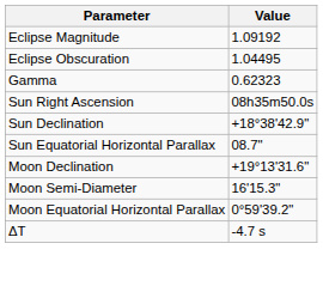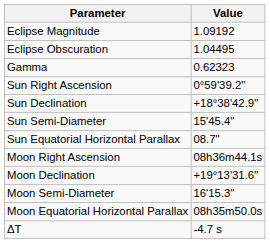 <table class="wikitable">
 <tr>
 <th>Parameter</th>
 <th>Value</th>
 </tr>
 <tr>
 <td>Eclipse Magnitude</td>
 <td>1.09192</td>
 </tr>
 <tr>
 <td>Eclipse Obscuration</td>
 <td>1.04495</td>
 </tr>
 <tr>
 <td>Gamma</td>
 <td>0.62323</td>
 </tr>
 <tr>
 <td>Sun Right Ascension</td>
-<td>08h35m50.0s</td>
+<td>0°59'39.2"</td>
 </tr>
 <tr>
 <td>Sun Declination</td>
 <td>+18°38'42.9"</td>
 </tr>
 <tr>
+<td>Sun Semi-Diameter</td>
+<td>15'45.4"</td>
+</tr>
+<tr>
 <td>Sun Equatorial Horizontal Parallax</td>
 <td>08.7"</td>
+</tr>
+<tr>
+<td>Moon Right Ascension</td>
+<td>08h36m44.1s</td>
 </tr>
 <tr>
 <td>Moon Declination</td>
 <td>+19°13'31.6"</td>
 </tr>
 <tr>
 <td>Moon Semi-Diameter</td>
 <td>16'15.3"</td>
 </tr>
 <tr>
 <td>Moon Equatorial Horizontal Parallax</td>
-<td>0°59'39.2"</td>
+<td>08h35m50.0s</td>
 </tr>
 <tr>
 <td>ΔT</td>
 <td>-4.7 s</td>
 </tr>
 </table>
